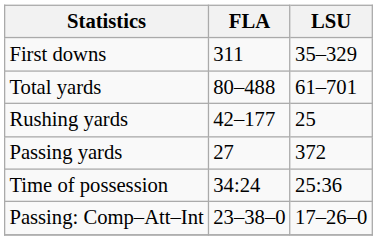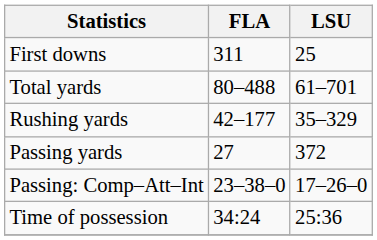 <table class="wikitable" style="float: left;">
 <tr>
 <th>Statistics</th>
 <th>FLA</th>
 <th>LSU</th>
 </tr>
 <tr>
 <td>First downs</td>
 <td>311</td>
-<td>35–329</td>
+<td>25</td>
 </tr>
 <tr>
 <td>Total yards</td>
 <td>80–488</td>
 <td>61–701</td>
 </tr>
 <tr>
 <td>Rushing yards</td>
 <td>42–177</td>
-<td>25</td>
+<td>35–329</td>
 </tr>
 <tr>
 <td>Passing yards</td>
 <td>27</td>
 <td>372</td>
 </tr>
 <tr>
+<td>Passing: Comp–Att–Int</td>
+<td>23–38–0</td>
+<td>17–26–0</td>
+</tr>
+<tr>
 <td>Time of possession</td>
 <td>34:24</td>
 <td>25:36</td>
 </tr>
 <tr>
-<td>Passing: Comp–Att–Int</td>
-<td>23–38–0</td>
-<td>17–26–0</td>
-</tr>
-<tr>
 </tr>
 </table>
